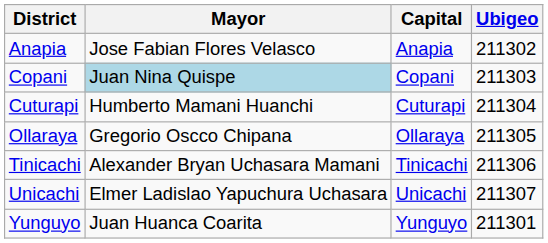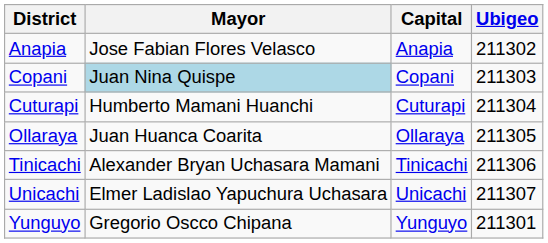 <table class="wikitable sortable">
 <tr>
 <th>District</th>
 <th>Mayor</th>
 <th>Capital</th>
 <th><a href='#'>Ubigeo</a></th>
 </tr>
 <tr>
 <td><a href='#'>Anapia</a></td>
 <td>Jose Fabian Flores Velasco</td>
 <td><a href='#'>Anapia</a></td>
 <td>211302</td>
 </tr>
 <tr>
 <td><a href='#'>Copani</a></td>
 <td style="background: lightblue;">Juan Nina Quispe</td>
 <td><a href='#'>Copani</a></td>
 <td>211303</td>
 </tr>
 <tr>
 <td><a href='#'>Cuturapi</a></td>
 <td>Humberto Mamani Huanchi</td>
 <td><a href='#'>Cuturapi</a></td>
 <td>211304</td>
 </tr>
 <tr>
 <td><a href='#'>Ollaraya</a></td>
-<td>Gregorio Oscco Chipana</td>
+<td>Juan Huanca Coarita</td>
 <td><a href='#'>Ollaraya</a></td>
 <td>211305</td>
 </tr>
 <tr>
 <td><a href='#'>Tinicachi</a></td>
 <td>Alexander Bryan Uchasara Mamani</td>
 <td><a href='#'>Tinicachi</a></td>
 <td>211306</td>
 </tr>
 <tr>
 <td><a href='#'>Unicachi</a></td>
 <td>Elmer Ladislao Yapuchura Uchasara</td>
 <td><a href='#'>Unicachi</a></td>
 <td>211307</td>
 </tr>
 <tr>
 <td><a href='#'>Yunguyo</a></td>
-<td>Juan Huanca Coarita</td>
+<td>Gregorio Oscco Chipana</td>
 <td><a href='#'>Yunguyo</a></td>
 <td>211301</td>
 </tr>
 </table>
